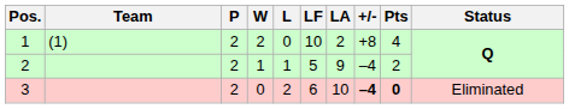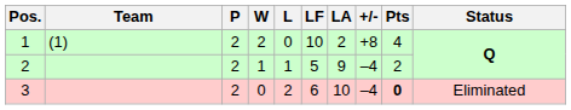 <table class="wikitable" style="text-align:center; margin: 1em auto 1em auto, align:left">
 <tr>
 <th width=20>Pos.</th>
 <th width=175>Team</th>
 <th width=20>P</th>
 <th width=20>W</th>
 <th width=20>L</th>
 <th width=20>LF</th>
 <th width=20>LA</th>
 <th width=20>+/-</th>
 <th width=20>Pts</th>
 <th width=150>Status</th>
 </tr>
 <tr style="background:#CCFFCC;">
 <td>1</td>
 <td style="text-align:left;"><strong></strong> (1)</td>
 <td>2</td>
 <td>2</td>
 <td>0</td>
 <td>10</td>
 <td>2</td>
 <td>+8</td>
 <td>4</td>
 <td rowspan=2><strong>Q</strong></td>
 </tr>
 <tr style="background:#CCFFCC;">
 <td>2</td>
 <td style="text-align:left;"><strong></strong></td>
 <td>2</td>
 <td>1</td>
 <td>1</td>
 <td>5</td>
 <td>9</td>
 <td>–4</td>
 <td>2</td>
 </tr>
 <tr style="background:#FFCCCC;">
 <td>3</td>
 <td style="text-align:left;"></td>
 <td>2</td>
 <td>0</td>
 <td>2</td>
 <td>6</td>
 <td>10</td>
-<td><strong>–4</strong></td>
+<td>–4</td>
 <td><strong>0</strong></td>
 <td>Eliminated</td>
 </tr>
 </table>
